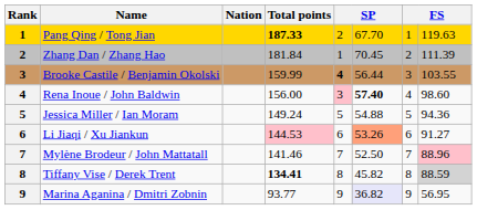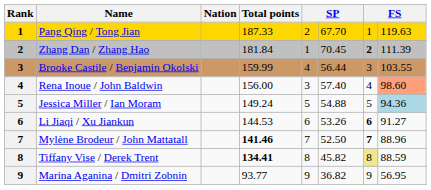 <table class="wikitable">
 <tr>
 <th>Rank</th>
 <th>Name</th>
 <th>Nation</th>
 <th>Total points</th>
 <th colspan="2" width="80px"><a href='#'>SP</a></th>
 <th colspan="2" width="80px"><a href='#'>FS</a></th>
 </tr>
 <tr bgcolor="gold">
 <td align="center"><strong>1</strong></td>
 <td><a href='#'>Pang Qing</a> / <a href='#'>Tong Jian</a></td>
 <td></td>
-<td><strong>187.33</strong></td>
+<td>187.33</td>
 <td>2</td>
 <td>67.70</td>
 <td>1</td>
 <td>119.63</td>
 </tr>
 <tr bgcolor="silver">
 <td align="center"><strong>2</strong></td>
 <td><a href='#'>Zhang Dan</a> / <a href='#'>Zhang Hao</a></td>
 <td></td>
 <td>181.84</td>
 <td>1</td>
 <td>70.45</td>
-<td>2</td>
+<td><strong>2</strong></td>
 <td>111.39</td>
 </tr>
 <tr bgcolor="cc9966">
 <td align="center"><strong>3</strong></td>
 <td><a href='#'>Brooke Castile</a> / <a href='#'>Benjamin Okolski</a></td>
 <td></td>
 <td>159.99</td>
-<td><strong>4</strong></td>
+<td>4</td>
 <td>56.44</td>
 <td>3</td>
 <td>103.55</td>
 </tr>
 <tr>
 <th>4</th>
 <td><a href='#'>Rena Inoue</a> / <a href='#'>John Baldwin</a></td>
 <td></td>
 <td>156.00</td>
-<td style="background: pink;">3</td>
-<td><strong>57.40</strong></td>
+<td>3</td>
+<td>57.40</td>
 <td>4</td>
-<td>98.60</td>
+<td style="background: lightsalmon;">98.60</td>
 </tr>
 <tr>
 <th>5</th>
 <td><a href='#'>Jessica Miller</a> / <a href='#'>Ian Moram</a></td>
 <td></td>
 <td>149.24</td>
 <td>5</td>
 <td>54.88</td>
 <td>5</td>
-<td>94.36</td>
+<td style="background: lightblue;">94.36</td>
 </tr>
 <tr>
 <th>6</th>
 <td><a href='#'>Li Jiaqi</a> / <a href='#'>Xu Jiankun</a></td>
 <td></td>
-<td style="background: pink;">144.53</td>
+<td>144.53</td>
 <td>6</td>
-<td style="background: lightsalmon;">53.26</td>
-<td>6</td>
+<td>53.26</td>
+<td><strong>6</strong></td>
 <td>91.27</td>
 </tr>
 <tr>
 <th>7</th>
 <td><a href='#'>Mylène Brodeur</a> / <a href='#'>John Mattatall</a></td>
 <td></td>
-<td>141.46</td>
+<td><strong>141.46</strong></td>
 <td>7</td>
 <td>52.50</td>
-<td>7</td>
-<td style="background: pink;">88.96</td>
+<td><strong>7</strong></td>
+<td>88.96</td>
 </tr>
 <tr>
 <th>8</th>
 <td><a href='#'>Tiffany Vise</a> / <a href='#'>Derek Trent</a></td>
 <td></td>
 <td><strong>134.41</strong></td>
 <td>8</td>
 <td>45.82</td>
-<td>8</td>
-<td style="background: lightgrey;">88.59</td>
+<td style="background: khaki;">8</td>
+<td>88.59</td>
 </tr>
 <tr>
 <th>9</th>
 <td><a href='#'>Marina Aganina</a> / <a href='#'>Dmitri Zobnin</a></td>
 <td></td>
 <td>93.77</td>
 <td>9</td>
-<td style="background: lavender;">36.82</td>
+<td>36.82</td>
 <td>9</td>
 <td>56.95</td>
 </tr>
 </table>
